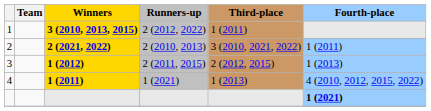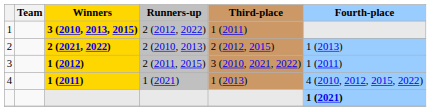 <table class="wikitable sortable">
 <tr>
 <th></th>
 <th>Team</th>
 <th style="background:gold;">Winners</th>
 <th style="background:silver;">Runners-up</th>
 <th style="background:#c96;">Third-place</th>
 <th style="background:#9acdff;">Fourth-place</th>
 </tr>
 <tr>
 <td>1</td>
 <td><strong></strong></td>
 <td style="background:gold;"><strong>3 (<a href='#'>2010</a>, <a href='#'>2013</a>, <a href='#'>2015</a>)</strong></td>
 <td style="background:silver;">2 (<a href='#'>2012</a>, <a href='#'>2022</a>)</td>
 <td style="background:#c96;">1 (<a href='#'>2011</a>)</td>
 <td style="background:#e9e9e9;"></td>
 </tr>
 <tr>
 <td>2</td>
 <td><strong></strong></td>
 <td style="background:gold;"><strong>2 (<a href='#'>2021</a>, <a href='#'>2022</a>)</strong></td>
 <td style="background:silver;">2 (<a href='#'>2010</a>, <a href='#'>2013</a>)</td>
-<td style="background:#c96;">3 (<a href='#'>2010</a>, <a href='#'>2021</a>, <a href='#'>2022</a>)</td>
-<td style="background:#9acdff;">1 (<a href='#'>2011</a>)</td>
+<td style="background:#c96;">2 (<a href='#'>2012</a>, <a href='#'>2015</a>)</td>
+<td style="background:#9acdff;">1 (<a href='#'>2013</a>)</td>
 </tr>
 <tr>
 <td>3</td>
 <td><strong></strong></td>
 <td style="background:gold;"><strong>1 (<a href='#'>2012</a>)</strong></td>
 <td style="background:silver;">2 (<a href='#'>2011</a>, <a href='#'>2015</a>)</td>
-<td style="background:#c96;">2 (<a href='#'>2012</a>, <a href='#'>2015</a>)</td>
-<td style="background:#9acdff;">1 (<a href='#'>2013</a>)</td>
+<td style="background:#c96;">3 (<a href='#'>2010</a>, <a href='#'>2021</a>, <a href='#'>2022</a>)</td>
+<td style="background:#9acdff;">1 (<a href='#'>2011</a>)</td>
 </tr>
 <tr>
 <td>4</td>
 <td><strong></strong></td>
 <td style="background:gold;"><strong>1 (<a href='#'>2011</a>)</strong></td>
 <td style="background:silver;">1 (<a href='#'>2021</a>)</td>
 <td style="background:#c96;">1 (<a href='#'>2013</a>)</td>
 <td style="background:#9acdff;">4 (<a href='#'>2010</a>, <a href='#'>2012</a>, <a href='#'>2015</a>, <a href='#'>2022</a>)</td>
 </tr>
 <tr>
 <td></td>
 <td></td>
 <td style="background:#e9e9e9;"></td>
 <td style="background:#e9e9e9;"></td>
 <td style="background:#e9e9e9;"></td>
 <td style="background:#9acdff;"><strong>1 (<a href='#'>2021</a>)</strong></td>
 </tr>
 <tr>
 </tr>
 </table>
